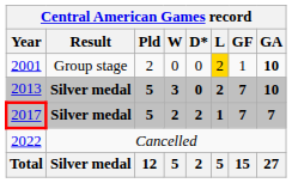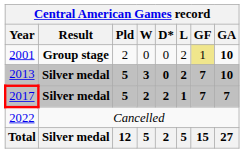 <table class="wikitable" style="text-align: center;">
 <tr>
 <th colspan=8><a href='#'>Central American Games</a> record</th>
 </tr>
 <tr>
 <th>Year</th>
 <th>Result</th>
 <th>Pld</th>
 <th>W</th>
 <th>D*</th>
 <th>L</th>
 <th>GF</th>
 <th>GA</th>
 </tr>
 <tr>
 <td> <a href='#'>2001</a></td>
-<td>Group stage</td>
+<td><strong>Group stage</strong></td>
 <td>2</td>
 <td>0</td>
 <td>0</td>
-<td style="background: gold;">2</td>
-<td>1</td>
+<td>2</td>
+<td style="background: khaki;">1</td>
 <td><strong>10</strong></td>
 </tr>
 <tr bgcolor=Silver>
 <td> <a href='#'>2013</a></td>
 <td><strong>Silver medal</strong></td>
 <td><strong>5</strong></td>
 <td><strong>3</strong></td>
 <td><strong>0</strong></td>
 <td><strong>2</strong></td>
 <td><strong>7</strong></td>
 <td><strong>10</strong></td>
 </tr>
 <tr bgcolor=Silver>
 <td style="border:3px solid red"> <a href='#'>2017</a></td>
 <td><strong>Silver medal</strong></td>
 <td><strong>5</strong></td>
 <td><strong>2</strong></td>
 <td><strong>2</strong></td>
 <td><strong>1</strong></td>
 <td><strong>7</strong></td>
 <td><strong>7</strong></td>
 </tr>
 <tr>
 <td> <a href='#'>2022</a></td>
 <td colspan=8><em>Cancelled</em></td>
 </tr>
 <tr>
 <th>Total</th>
 <th>Silver medal</th>
 <th>12</th>
 <th>5</th>
 <th>2</th>
 <th>5</th>
 <th>15</th>
 <th>27</th>
 </tr>
 </table>
